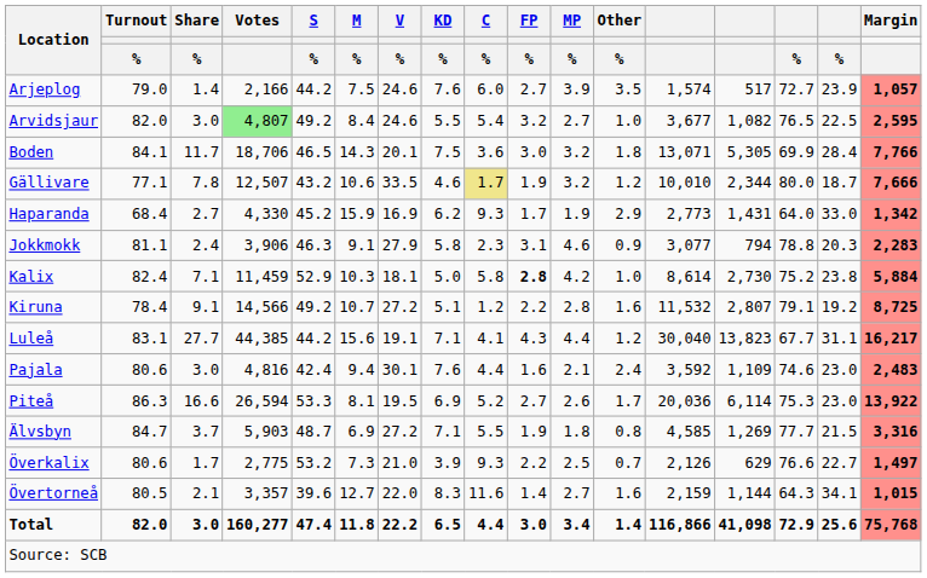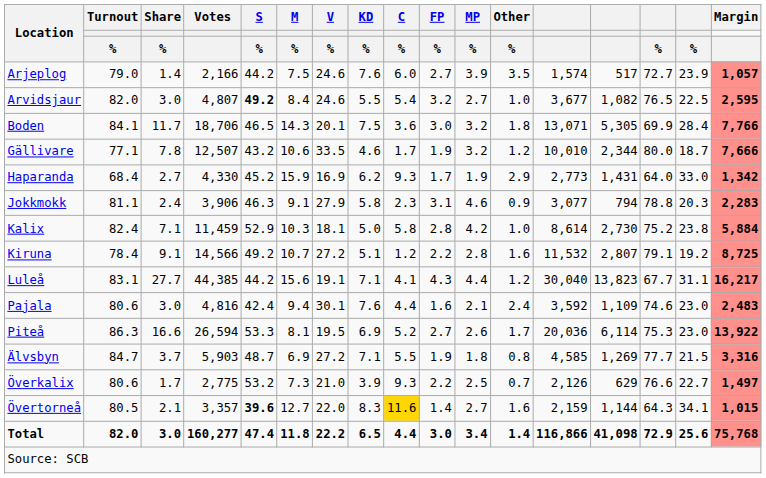 <table class="wikitable sortable" style="text-align:right; font-size:95%; line-height:20px;">
 <tr>
 <th rowspan="3">Location</th>
 <th>Turnout</th>
 <th>Share</th>
 <th>Votes</th>
 <th width="30px" class="unsortable"><a href='#'>S</a></th>
 <th width="30px" class="unsortable"><a href='#'>M</a></th>
 <th width="30px" class="unsortable"><a href='#'>V</a></th>
 <th width="30px" class="unsortable"><a href='#'>KD</a></th>
 <th width="30px" class="unsortable"><a href='#'>C</a></th>
 <th width="30px" class="unsortable"><a href='#'>FP</a></th>
 <th width="30px" class="unsortable"><a href='#'>MP</a></th>
 <th width="30px" class="unsortable">Other</th>
 <th></th>
 <th></th>
 <th></th>
 <th></th>
 <th>Margin</th>
 </tr>
 <tr>
 <th></th>
 <th></th>
 <th></th>
 <th style="background:"></th>
 <th style="background:"></th>
 <th style="background:"></th>
 <th style="background:"></th>
 <th style="background:"></th>
 <th style="background:"></th>
 <th style="background:"></th>
 <th style="background:"></th>
 <th style="background:"></th>
 <th style="background:"></th>
 <th style="background:"></th>
 <th style="background:"></th>
 </tr>
 <tr>
 <th data-sort-type="number">%</th>
 <th data-sort-type="number">%</th>
 <th></th>
 <th data-sort-type="number">%</th>
 <th data-sort-type="number">%</th>
 <th data-sort-type="number">%</th>
 <th data-sort-type="number">%</th>
 <th data-sort-type="number">%</th>
 <th data-sort-type="number">%</th>
 <th data-sort-type="number">%</th>
 <th data-sort-type="number">%</th>
 <th data-sort-type="number"></th>
 <th data-sort-type="number"></th>
 <th data-sort-type="number">%</th>
 <th data-sort-type="number">%</th>
 <th data-sort-type="number"></th>
 </tr>
 <tr>
 <td align=left><a href='#'>Arjeplog</a></td>
 <td>79.0</td>
 <td>1.4</td>
 <td>2,166</td>
 <td>44.2</td>
 <td>7.5</td>
 <td>24.6</td>
 <td>7.6</td>
 <td>6.0</td>
 <td>2.7</td>
 <td>3.9</td>
 <td>3.5</td>
 <td>1,574</td>
 <td>517</td>
 <td>72.7</td>
 <td>23.9</td>
 <td bgcolor=#ff908c><strong>1,057</strong></td>
 </tr>
 <tr>
 <td align=left><a href='#'>Arvidsjaur</a></td>
 <td>82.0</td>
 <td>3.0</td>
-<td style="background: lightgreen;">4,807</td>
-<td>49.2</td>
+<td>4,807</td>
+<td><strong>49.2</strong></td>
 <td>8.4</td>
 <td>24.6</td>
 <td>5.5</td>
 <td>5.4</td>
 <td>3.2</td>
 <td>2.7</td>
 <td>1.0</td>
 <td>3,677</td>
 <td>1,082</td>
 <td>76.5</td>
 <td>22.5</td>
 <td bgcolor=#ff908c><strong>2,595</strong></td>
 </tr>
 <tr>
 <td align=left><a href='#'>Boden</a></td>
 <td>84.1</td>
 <td>11.7</td>
 <td>18,706</td>
 <td>46.5</td>
 <td>14.3</td>
 <td>20.1</td>
 <td>7.5</td>
 <td>3.6</td>
 <td>3.0</td>
 <td>3.2</td>
 <td>1.8</td>
 <td>13,071</td>
 <td>5,305</td>
 <td>69.9</td>
 <td>28.4</td>
 <td bgcolor=#ff908c><strong>7,766</strong></td>
 </tr>
 <tr>
 <td align=left><a href='#'>Gällivare</a></td>
 <td>77.1</td>
 <td>7.8</td>
 <td>12,507</td>
 <td>43.2</td>
 <td>10.6</td>
 <td>33.5</td>
 <td>4.6</td>
-<td style="background: khaki;">1.7</td>
+<td>1.7</td>
 <td>1.9</td>
 <td>3.2</td>
 <td>1.2</td>
 <td>10,010</td>
 <td>2,344</td>
 <td>80.0</td>
 <td>18.7</td>
 <td bgcolor=#ff908c><strong>7,666</strong></td>
 </tr>
 <tr>
 <td align=left><a href='#'>Haparanda</a></td>
 <td>68.4</td>
 <td>2.7</td>
 <td>4,330</td>
 <td>45.2</td>
 <td>15.9</td>
 <td>16.9</td>
 <td>6.2</td>
 <td>9.3</td>
 <td>1.7</td>
 <td>1.9</td>
 <td>2.9</td>
 <td>2,773</td>
 <td>1,431</td>
 <td>64.0</td>
 <td>33.0</td>
 <td bgcolor=#ff908c><strong>1,342</strong></td>
 </tr>
 <tr>
 <td align=left><a href='#'>Jokkmokk</a></td>
 <td>81.1</td>
 <td>2.4</td>
 <td>3,906</td>
 <td>46.3</td>
 <td>9.1</td>
 <td>27.9</td>
 <td>5.8</td>
 <td>2.3</td>
 <td>3.1</td>
 <td>4.6</td>
 <td>0.9</td>
 <td>3,077</td>
 <td>794</td>
 <td>78.8</td>
 <td>20.3</td>
 <td bgcolor=#ff908c><strong>2,283</strong></td>
 </tr>
 <tr>
 <td align=left><a href='#'>Kalix</a></td>
 <td>82.4</td>
 <td>7.1</td>
 <td>11,459</td>
 <td>52.9</td>
 <td>10.3</td>
 <td>18.1</td>
 <td>5.0</td>
 <td>5.8</td>
-<td><strong>2.8</strong></td>
+<td>2.8</td>
 <td>4.2</td>
 <td>1.0</td>
 <td>8,614</td>
 <td>2,730</td>
 <td>75.2</td>
 <td>23.8</td>
 <td bgcolor=#ff908c><strong>5,884</strong></td>
 </tr>
 <tr>
 <td align=left><a href='#'>Kiruna</a></td>
 <td>78.4</td>
 <td>9.1</td>
 <td>14,566</td>
 <td>49.2</td>
 <td>10.7</td>
 <td>27.2</td>
 <td>5.1</td>
 <td>1.2</td>
 <td>2.2</td>
 <td>2.8</td>
 <td>1.6</td>
 <td>11,532</td>
 <td>2,807</td>
 <td>79.1</td>
 <td>19.2</td>
 <td bgcolor=#ff908c><strong>8,725</strong></td>
 </tr>
 <tr>
 <td align=left><a href='#'>Luleå</a></td>
 <td>83.1</td>
 <td>27.7</td>
 <td>44,385</td>
 <td>44.2</td>
 <td>15.6</td>
 <td>19.1</td>
 <td>7.1</td>
 <td>4.1</td>
 <td>4.3</td>
 <td>4.4</td>
 <td>1.2</td>
 <td>30,040</td>
 <td>13,823</td>
 <td>67.7</td>
 <td>31.1</td>
 <td bgcolor=#ff908c><strong>16,217</strong></td>
 </tr>
 <tr>
 <td align=left><a href='#'>Pajala</a></td>
 <td>80.6</td>
 <td>3.0</td>
 <td>4,816</td>
 <td>42.4</td>
 <td>9.4</td>
 <td>30.1</td>
 <td>7.6</td>
 <td>4.4</td>
 <td>1.6</td>
 <td>2.1</td>
 <td>2.4</td>
 <td>3,592</td>
 <td>1,109</td>
 <td>74.6</td>
 <td>23.0</td>
 <td bgcolor=#ff908c><strong>2,483</strong></td>
 </tr>
 <tr>
 <td align=left><a href='#'>Piteå</a></td>
 <td>86.3</td>
 <td>16.6</td>
 <td>26,594</td>
 <td>53.3</td>
 <td>8.1</td>
 <td>19.5</td>
 <td>6.9</td>
 <td>5.2</td>
 <td>2.7</td>
 <td>2.6</td>
 <td>1.7</td>
 <td>20,036</td>
 <td>6,114</td>
 <td>75.3</td>
 <td>23.0</td>
 <td bgcolor=#ff908c><strong>13,922</strong></td>
 </tr>
 <tr>
 <td align=left><a href='#'>Älvsbyn</a></td>
 <td>84.7</td>
 <td>3.7</td>
 <td>5,903</td>
 <td>48.7</td>
 <td>6.9</td>
 <td>27.2</td>
 <td>7.1</td>
 <td>5.5</td>
 <td>1.9</td>
 <td>1.8</td>
 <td>0.8</td>
 <td>4,585</td>
 <td>1,269</td>
 <td>77.7</td>
 <td>21.5</td>
 <td bgcolor=#ff908c><strong>3,316</strong></td>
 </tr>
 <tr>
 <td align=left><a href='#'>Överkalix</a></td>
 <td>80.6</td>
 <td>1.7</td>
 <td>2,775</td>
 <td>53.2</td>
 <td>7.3</td>
 <td>21.0</td>
 <td>3.9</td>
 <td>9.3</td>
 <td>2.2</td>
 <td>2.5</td>
 <td>0.7</td>
 <td>2,126</td>
 <td>629</td>
 <td>76.6</td>
 <td>22.7</td>
 <td bgcolor=#ff908c><strong>1,497</strong></td>
 </tr>
 <tr>
 <td align=left><a href='#'>Övertorneå</a></td>
 <td>80.5</td>
 <td>2.1</td>
 <td>3,357</td>
-<td>39.6</td>
+<td><strong>39.6</strong></td>
 <td>12.7</td>
 <td>22.0</td>
 <td>8.3</td>
-<td>11.6</td>
+<td style="background: gold;">11.6</td>
 <td>1.4</td>
 <td>2.7</td>
 <td>1.6</td>
 <td>2,159</td>
 <td>1,144</td>
 <td>64.3</td>
 <td>34.1</td>
 <td bgcolor=#ff908c><strong>1,015</strong></td>
 </tr>
 <tr>
 <td align=left><strong>Total</strong></td>
 <td><strong>82.0</strong></td>
 <td><strong>3.0</strong></td>
 <td><strong>160,277</strong></td>
 <td><strong>47.4</strong></td>
 <td><strong>11.8</strong></td>
 <td><strong>22.2</strong></td>
 <td><strong>6.5</strong></td>
 <td><strong>4.4</strong></td>
 <td><strong>3.0</strong></td>
 <td><strong>3.4</strong></td>
 <td><strong>1.4</strong></td>
 <td><strong>116,866</strong></td>
 <td><strong>41,098</strong></td>
 <td><strong>72.9</strong></td>
 <td><strong>25.6</strong></td>
 <td bgcolor=#ff908c><strong>75,768</strong></td>
 </tr>
 <tr>
 <td align=left colspan=17>Source: SCB </td>
 </tr>
 </table>
